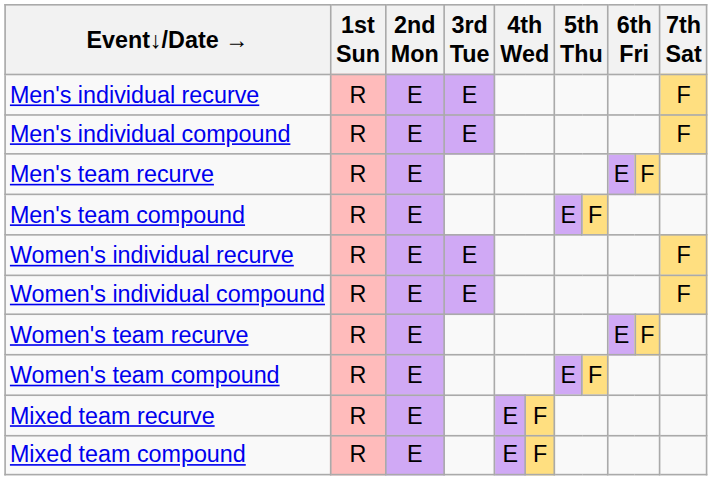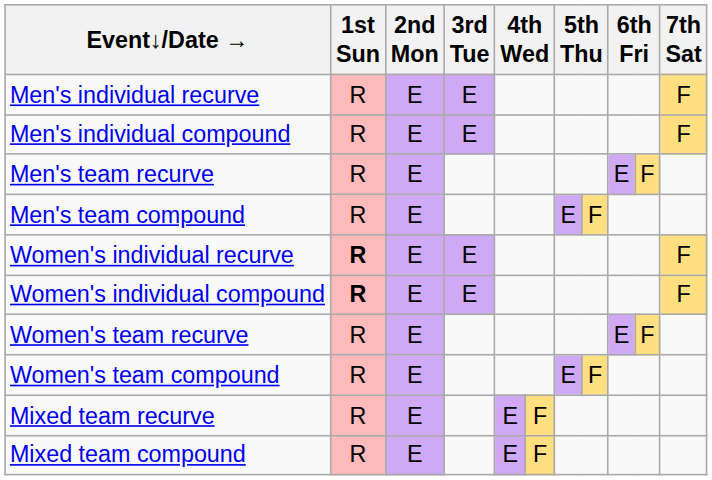 <table class="wikitable" style="margin:0.5em auto; font-size:90%; line-height:1.25em; text-align:center">
 <tr>
 <th>Event↓/Date →</th>
 <th>1st<br>Sun</th>
 <th>2nd<br>Mon</th>
 <th>3rd<br>Tue</th>
 <th colspan="2">4th<br>Wed</th>
 <th colspan="2">5th<br>Thu</th>
 <th colspan="2">6th<br>Fri</th>
 <th>7th<br>Sat</th>
 </tr>
 <tr>
 <td align="left"><a href='#'>Men's individual recurve</a></td>
 <td bgcolor="#FFBBBB">R</td>
 <td bgcolor="#D0A9F5">E</td>
 <td bgcolor="#D0A9F5">E</td>
 <td colspan="2"></td>
 <td colspan="2"></td>
 <td colspan="2"></td>
 <td bgcolor="#FFDF80">F</td>
 </tr>
 <tr>
 <td align="left"><a href='#'>Men's individual compound</a></td>
 <td bgcolor="#FFBBBB">R</td>
 <td bgcolor="#D0A9F5">E</td>
 <td bgcolor="#D0A9F5">E</td>
 <td colspan="2"></td>
 <td colspan="2"></td>
 <td colspan="2"></td>
 <td bgcolor="#FFDF80">F</td>
 </tr>
 <tr>
 <td align="left"><a href='#'>Men's team recurve</a></td>
 <td bgcolor="#FFBBBB">R</td>
 <td bgcolor="#D0A9F5">E</td>
 <td></td>
 <td colspan="2"></td>
 <td colspan="2"></td>
 <td bgcolor="#D0A9F5">E</td>
 <td bgcolor="#FFDF80">F</td>
 <td></td>
 </tr>
 <tr>
 <td align="left"><a href='#'>Men's team compound</a></td>
 <td bgcolor="#FFBBBB">R</td>
 <td bgcolor="#D0A9F5">E</td>
 <td></td>
 <td colspan="2"></td>
 <td bgcolor="#D0A9F5">E</td>
 <td bgcolor="#FFDF80">F</td>
 <td colspan="2"></td>
 <td></td>
 </tr>
 <tr>
 <td align="left"><a href='#'>Women's individual recurve</a></td>
-<td bgcolor="#FFBBBB">R</td>
+<td bgcolor="#FFBBBB"><strong>R</strong></td>
 <td bgcolor="#D0A9F5">E</td>
 <td bgcolor="#D0A9F5">E</td>
 <td colspan="2"></td>
 <td colspan="2"></td>
 <td colspan="2"></td>
 <td bgcolor="#FFDF80">F</td>
 </tr>
 <tr>
 <td align="left"><a href='#'>Women's individual compound</a></td>
-<td bgcolor="#FFBBBB">R</td>
+<td bgcolor="#FFBBBB"><strong>R</strong></td>
 <td bgcolor="#D0A9F5">E</td>
 <td bgcolor="#D0A9F5">E</td>
 <td colspan="2"></td>
 <td colspan="2"></td>
 <td colspan="2"></td>
 <td bgcolor="#FFDF80">F</td>
 </tr>
 <tr>
 <td align="left"><a href='#'>Women's team recurve</a></td>
 <td bgcolor="#FFBBBB">R</td>
 <td bgcolor="#D0A9F5">E</td>
 <td></td>
 <td colspan="2"></td>
 <td colspan="2"></td>
 <td bgcolor="#D0A9F5">E</td>
 <td bgcolor="#FFDF80">F</td>
 <td></td>
 </tr>
 <tr>
 <td align="left"><a href='#'>Women's team compound</a></td>
 <td bgcolor="#FFBBBB">R</td>
 <td bgcolor="#D0A9F5">E</td>
 <td></td>
 <td colspan="2"></td>
 <td bgcolor="#D0A9F5">E</td>
 <td bgcolor="#FFDF80">F</td>
 <td colspan="2"></td>
 <td></td>
 </tr>
 <tr>
 <td align="left"><a href='#'>Mixed team recurve</a></td>
 <td bgcolor="#FFBBBB">R</td>
 <td bgcolor="#D0A9F5">E</td>
 <td></td>
 <td bgcolor="#D0A9F5">E</td>
 <td bgcolor="#FFDF80">F</td>
 <td colspan="2"></td>
 <td colspan="2"></td>
 <td></td>
 </tr>
 <tr>
 <td align="left"><a href='#'>Mixed team compound</a></td>
 <td bgcolor="#FFBBBB">R</td>
 <td bgcolor="#D0A9F5">E</td>
 <td></td>
 <td bgcolor="#D0A9F5">E</td>
 <td bgcolor="#FFDF80">F</td>
 <td colspan="2"></td>
 <td colspan="2"></td>
 <td></td>
 </tr>
 </table>
